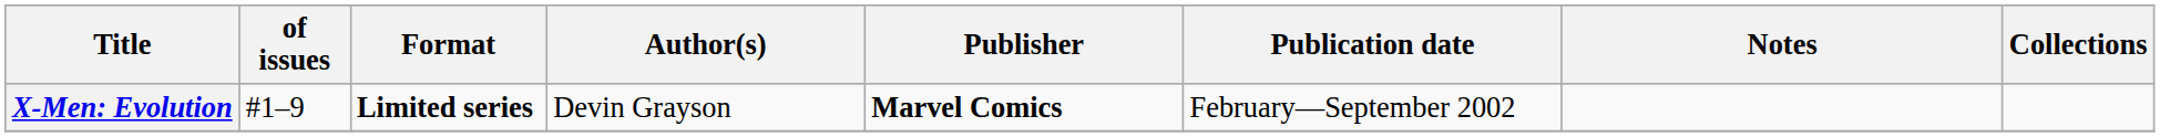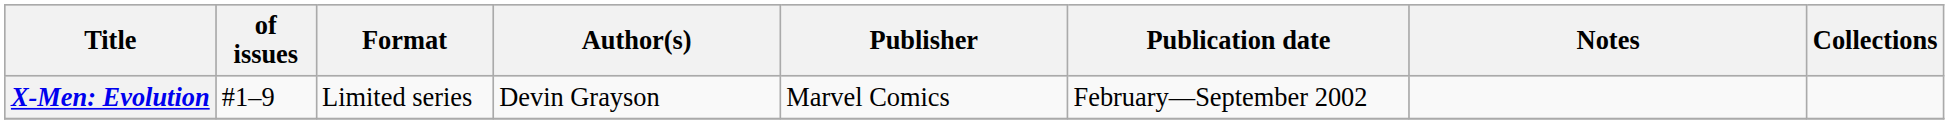 <table class="wikitable">
 <tr>
 <th>Title</th>
 <th style="width:40pt"> of issues</th>
 <th style="width:75pt">Format</th>
 <th style="width:125pt">Author(s)</th>
 <th style="width:125pt">Publisher</th>
 <th style="width:150pt">Publication date</th>
 <th style="width:175pt">Notes</th>
 <th>Collections</th>
 </tr>
 <tr>
 <th><em><a href='#'>X-Men: Evolution</a></em></th>
 <td>#1–9</td>
-<td><strong>Limited series</strong></td>
+<td>Limited series</td>
 <td>Devin Grayson</td>
-<td><strong>Marvel Comics</strong></td>
+<td>Marvel Comics</td>
 <td>February—September 2002</td>
 <td></td>
 <td></td>
 </tr>
 <tr>
 </tr>
 </table>
